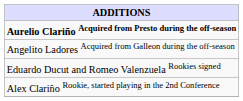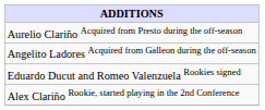 <table class="wikitable" border="1">
 <tr>
 <th style="background:#DDDDFF;"><strong>ADDITIONS</strong></th>
 </tr>
 <tr>
-<td><strong>Aurelio Clariño <sup>Acquired from Presto during the off-season</sup></strong></td>
+<td>Aurelio Clariño <sup>Acquired from Presto during the off-season</sup></td>
 </tr>
 <tr>
 <td>Angelito Ladores <sup>Acquired from Galleon during the off-season</sup></td>
 </tr>
 <tr>
 <td>Eduardo Ducut and Romeo Valenzuela <sup>Rookies signed</sup></td>
 </tr>
 <tr>
 <td>Alex Clariño <sup>Rookie, started playing in the 2nd Conference</sup></td>
 </tr>
 <tr>
 </tr>
 </table>
